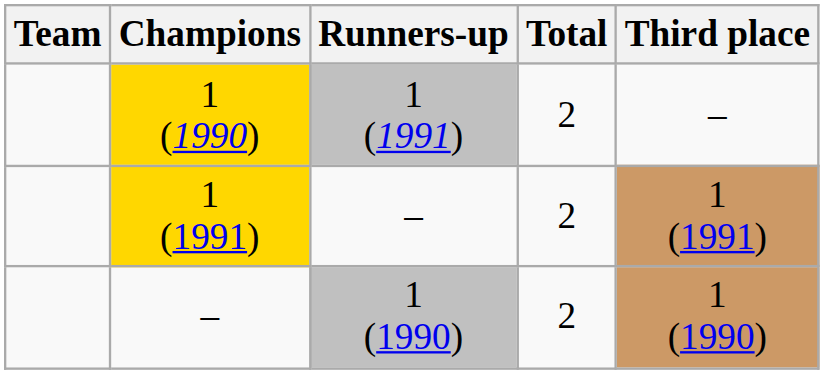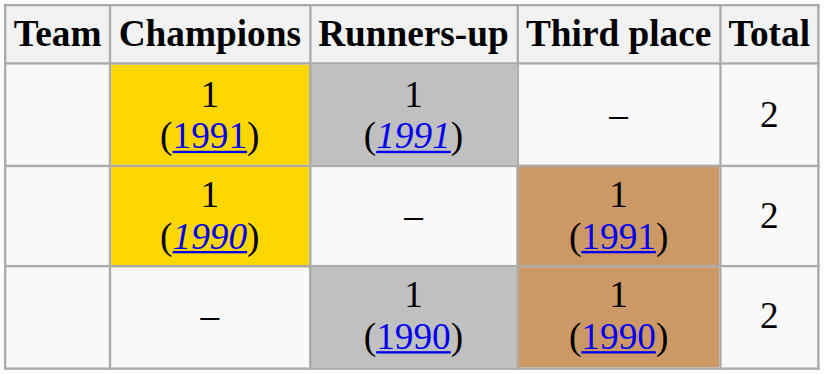 <table class="wikitable" style="text-align: center;">
 <tr>
 <th>Team</th>
 <th>Champions</th>
 <th>Runners-up</th>
+<th>Third place</th>
 <th>Total</th>
-<th>Third place</th>
+</tr>
+<tr>
+<td align=left></td>
+<td style="background:gold">1<br>(<a href='#'>1991</a>)</td>
+<td style="background:silver">1<br>(<em><a href='#'>1991</a></em>)</td>
+<td>–</td>
+<td>2</td>
 </tr>
 <tr>
 <td align=left></td>
 <td style="background:gold">1<br>(<em><a href='#'>1990</a></em>)</td>
-<td style="background:silver">1<br>(<em><a href='#'>1991</a></em>)</td>
+<td>–</td>
+<td style="background:#c96">1<br>(<a href='#'>1991</a>)</td>
 <td>2</td>
-<td>–</td>
-</tr>
-<tr>
-<td align=left></td>
-<td style="background:gold">1<br>(<a href='#'>1991</a>)</td>
-<td>–</td>
-<td>2</td>
-<td style="background:#c96">1<br>(<a href='#'>1991</a>)</td>
 </tr>
 <tr>
 <td align=left></td>
 <td>–</td>
 <td style="background:silver">1<br>(<a href='#'>1990</a>)</td>
+<td style="background:#c96">1<br>(<a href='#'>1990</a>)</td>
 <td>2</td>
-<td style="background:#c96">1<br>(<a href='#'>1990</a>)</td>
 </tr>
 </table>
